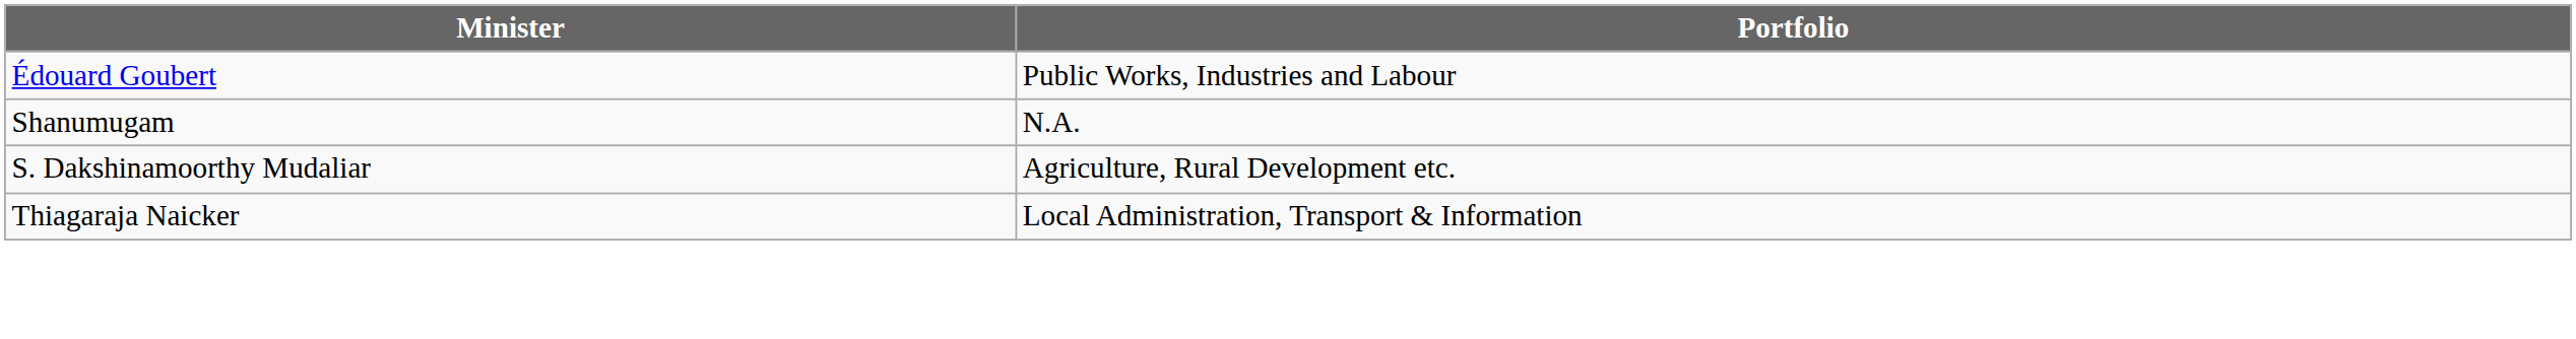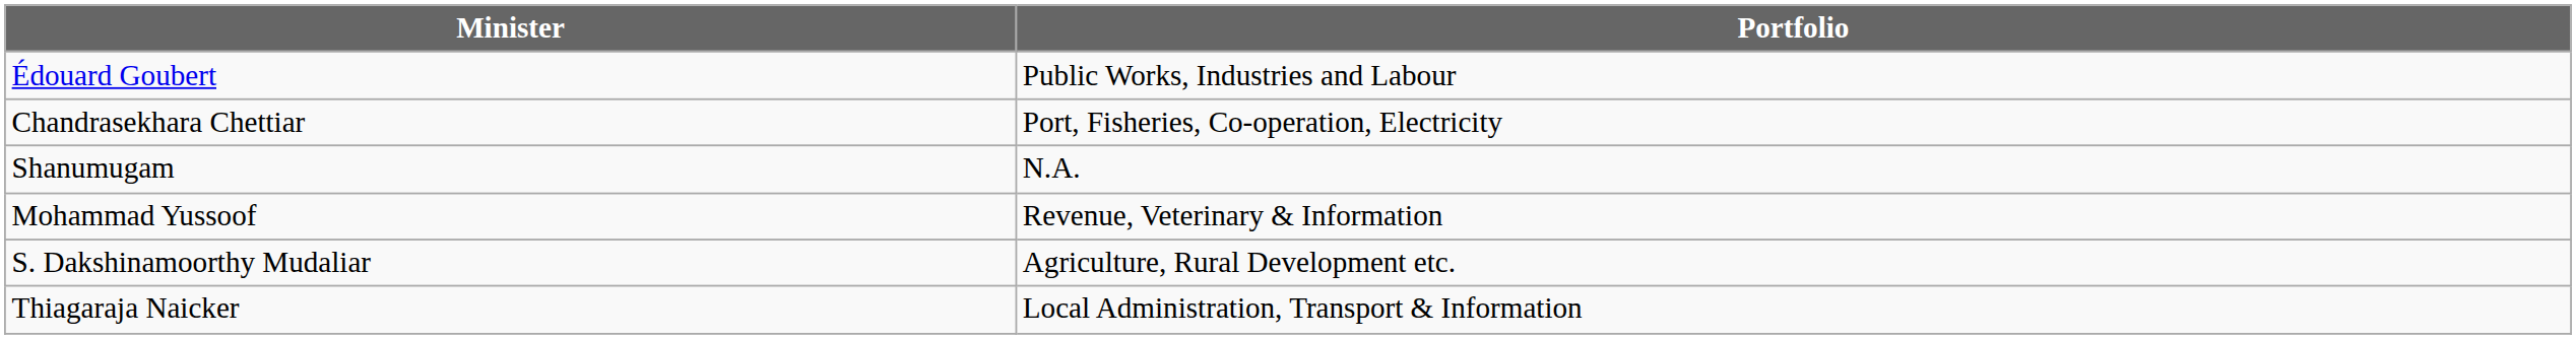 <table class="wikitable" width="70%" style="font-size: x-big; font-family: verdana">
 <tr>
 <th style="background-color:#666666; color:white">Minister</th>
 <th style="background-color:#666666; color:white">Portfolio</th>
 </tr>
 <tr -->
 <td><a href='#'>Édouard Goubert</a><br></td>
 <td>Public Works, Industries and Labour</td>
 </tr>
 <tr -->
+<td>Chandrasekhara Chettiar</td>
+<td>Port, Fisheries, Co-operation, Electricity</td>
+</tr>
+<tr -->
 <td>Shanumugam</td>
 <td>N.A.</td>
+</tr>
+<tr -->
+<td>Mohammad Yussoof</td>
+<td>Revenue, Veterinary & Information</td>
 </tr>
 <tr -->
 <td>S. Dakshinamoorthy Mudaliar</td>
 <td>Agriculture, Rural Development etc.</td>
 </tr>
 <tr -->
 <td>Thiagaraja Naicker</td>
 <td>Local Administration, Transport & Information</td>
 </tr>
 </table>
